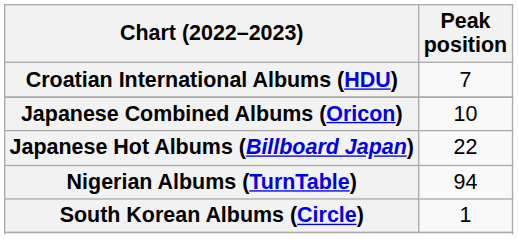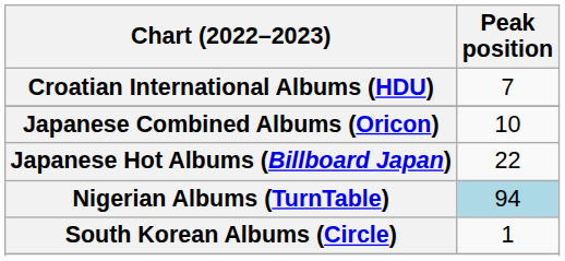 <table class="wikitable sortable plainrowheaders" style="text-align:center">
 <tr>
 <th scope="col">Chart (2022–2023)</th>
 <th scope="col">Peak<br>position</th>
 </tr>
 <tr>
 <th scope="row">Croatian International Albums (<a href='#'>HDU</a>)</th>
 <td>7</td>
 </tr>
 <tr>
 </tr>
 <tr>
 </tr>
 <tr>
 </tr>
 <tr>
 <th scope="row">Japanese Combined Albums (<a href='#'>Oricon</a>)</th>
 <td>10</td>
 </tr>
 <tr>
 <th scope="row">Japanese Hot Albums (<em><a href='#'>Billboard Japan</a></em>)</th>
 <td>22</td>
 </tr>
 <tr>
 <th scope="row">Nigerian Albums (<a href='#'>TurnTable</a>)</th>
-<td>94</td>
+<td style="background: lightblue;">94</td>
 </tr>
 <tr>
 <th scope="row">South Korean Albums (<a href='#'>Circle</a>)</th>
 <td>1</td>
 </tr>
 <tr>
 </tr>
 <tr>
 </tr>
 <tr>
 </tr>
 </table>
